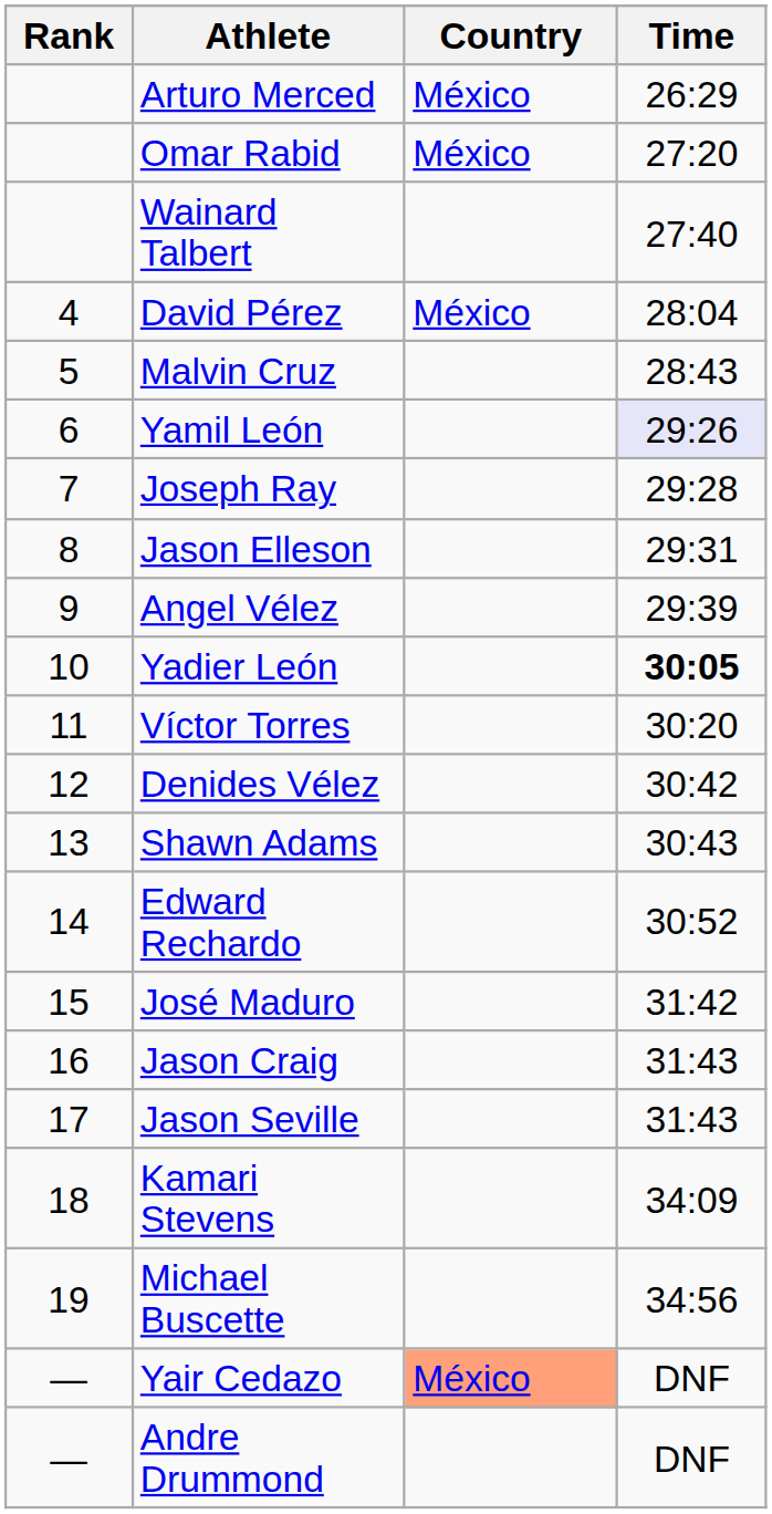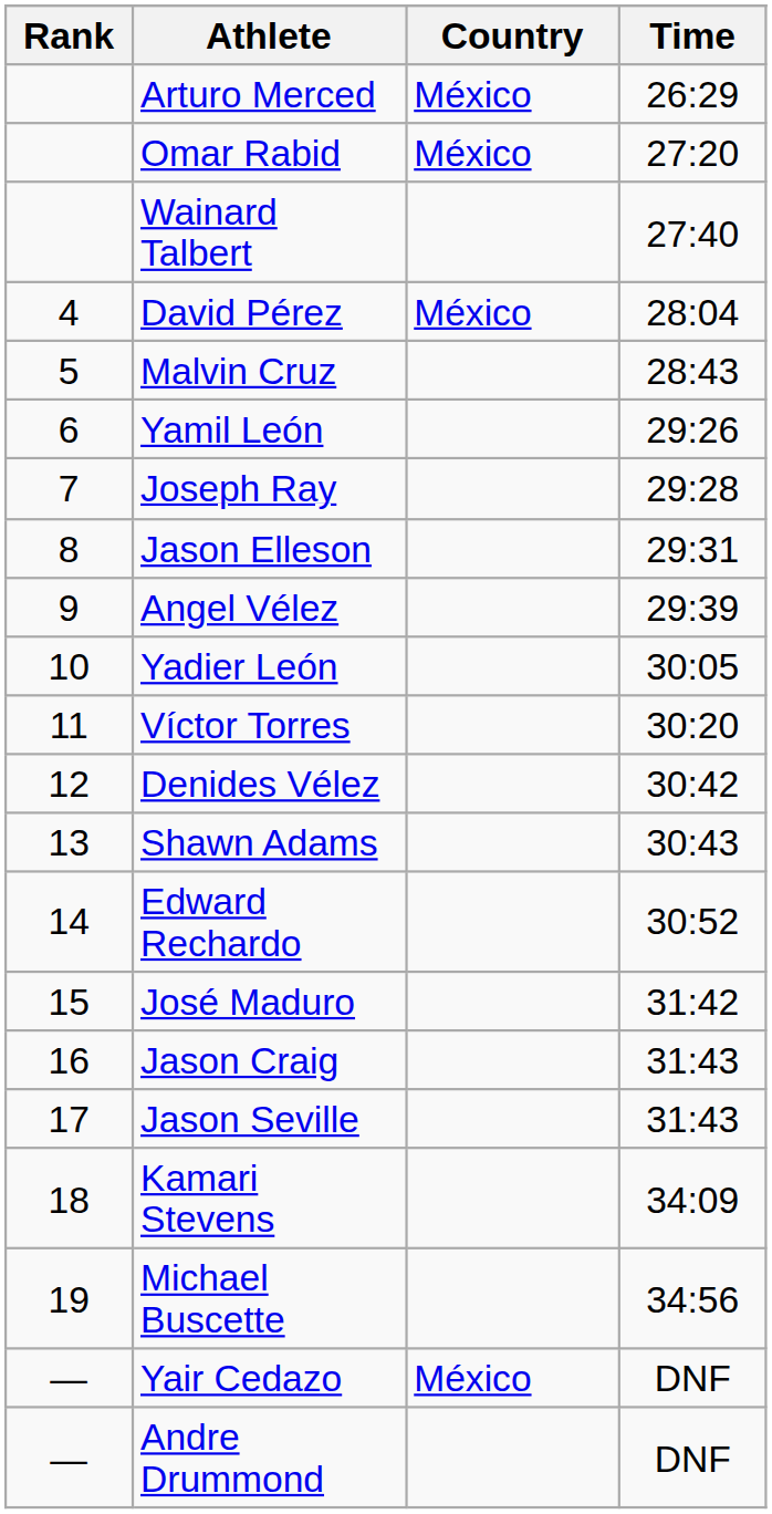 <table class="wikitable sortable" style=" text-align:center; font-size:95%;" width="50%">
 <tr>
 </tr>
 <tr>
 <th width=5%>Rank</th>
 <th width=20%>Athlete</th>
 <th width=15%>Country</th>
 <th width=10%>Time</th>
 </tr>
 <tr>
 <td align=center></td>
 <td align=left><a href='#'>Arturo Merced</a></td>
 <td align=left> <a href='#'>México</a></td>
 <td>26:29</td>
 </tr>
 <tr>
 <td align=center></td>
 <td align=left><a href='#'>Omar Rabid</a></td>
 <td align=left> <a href='#'>México</a></td>
 <td>27:20</td>
 </tr>
 <tr>
 <td align=center></td>
 <td align=left><a href='#'>Wainard Talbert</a></td>
 <td align=left></td>
 <td>27:40</td>
 </tr>
 <tr>
 <td align=center>4</td>
 <td align=left><a href='#'>David Pérez</a></td>
 <td align=left> <a href='#'>México</a></td>
 <td>28:04</td>
 </tr>
 <tr>
 <td align=center>5</td>
 <td align=left><a href='#'>Malvin Cruz</a></td>
 <td align=left></td>
 <td>28:43</td>
 </tr>
 <tr>
 <td align=center>6</td>
 <td align=left><a href='#'>Yamil León</a></td>
 <td align=left></td>
-<td style="background: lavender;">29:26</td>
+<td>29:26</td>
 </tr>
 <tr>
 <td align=center>7</td>
 <td align=left><a href='#'>Joseph Ray</a></td>
 <td align=left></td>
 <td>29:28</td>
 </tr>
 <tr>
 <td align=center>8</td>
 <td align=left><a href='#'>Jason Elleson</a></td>
 <td align=left></td>
 <td>29:31</td>
 </tr>
 <tr>
 <td align=center>9</td>
 <td align=left><a href='#'>Angel Vélez</a></td>
 <td align=left></td>
 <td>29:39</td>
 </tr>
 <tr>
 <td align=center>10</td>
 <td align=left><a href='#'>Yadier León</a></td>
 <td align=left></td>
-<td><strong>30:05</strong></td>
+<td>30:05</td>
 </tr>
 <tr>
 <td align=center>11</td>
 <td align=left><a href='#'>Víctor Torres</a></td>
 <td align=left></td>
 <td>30:20</td>
 </tr>
 <tr>
 <td align=center>12</td>
 <td align=left><a href='#'>Denides Vélez</a></td>
 <td align=left></td>
 <td>30:42</td>
 </tr>
 <tr>
 <td align=center>13</td>
 <td align=left><a href='#'>Shawn Adams</a></td>
 <td align=left></td>
 <td>30:43</td>
 </tr>
 <tr>
 <td align=center>14</td>
 <td align=left><a href='#'>Edward Rechardo</a></td>
 <td align=left></td>
 <td>30:52</td>
 </tr>
 <tr>
 <td align=center>15</td>
 <td align=left><a href='#'>José Maduro</a></td>
 <td align=left></td>
 <td>31:42</td>
 </tr>
 <tr>
 <td align=center>16</td>
 <td align=left><a href='#'>Jason Craig</a></td>
 <td align=left></td>
 <td>31:43</td>
 </tr>
 <tr>
 <td align=center>17</td>
 <td align=left><a href='#'>Jason Seville</a></td>
 <td align=left></td>
 <td>31:43</td>
 </tr>
 <tr>
 <td align=center>18</td>
 <td align=left><a href='#'>Kamari Stevens</a></td>
 <td align=left></td>
 <td>34:09</td>
 </tr>
 <tr>
 <td align=center>19</td>
 <td align=left><a href='#'>Michael Buscette</a></td>
 <td align=left></td>
 <td>34:56</td>
 </tr>
 <tr>
 <td align=center>—</td>
 <td align=left><a href='#'>Yair Cedazo</a></td>
-<td align=left style="background: lightsalmon;"> <a href='#'>México</a></td>
+<td align=left> <a href='#'>México</a></td>
 <td>DNF</td>
 </tr>
 <tr>
 <td align=center>—</td>
 <td align=left><a href='#'>Andre Drummond</a></td>
 <td align=left></td>
 <td>DNF</td>
 </tr>
 </table>
